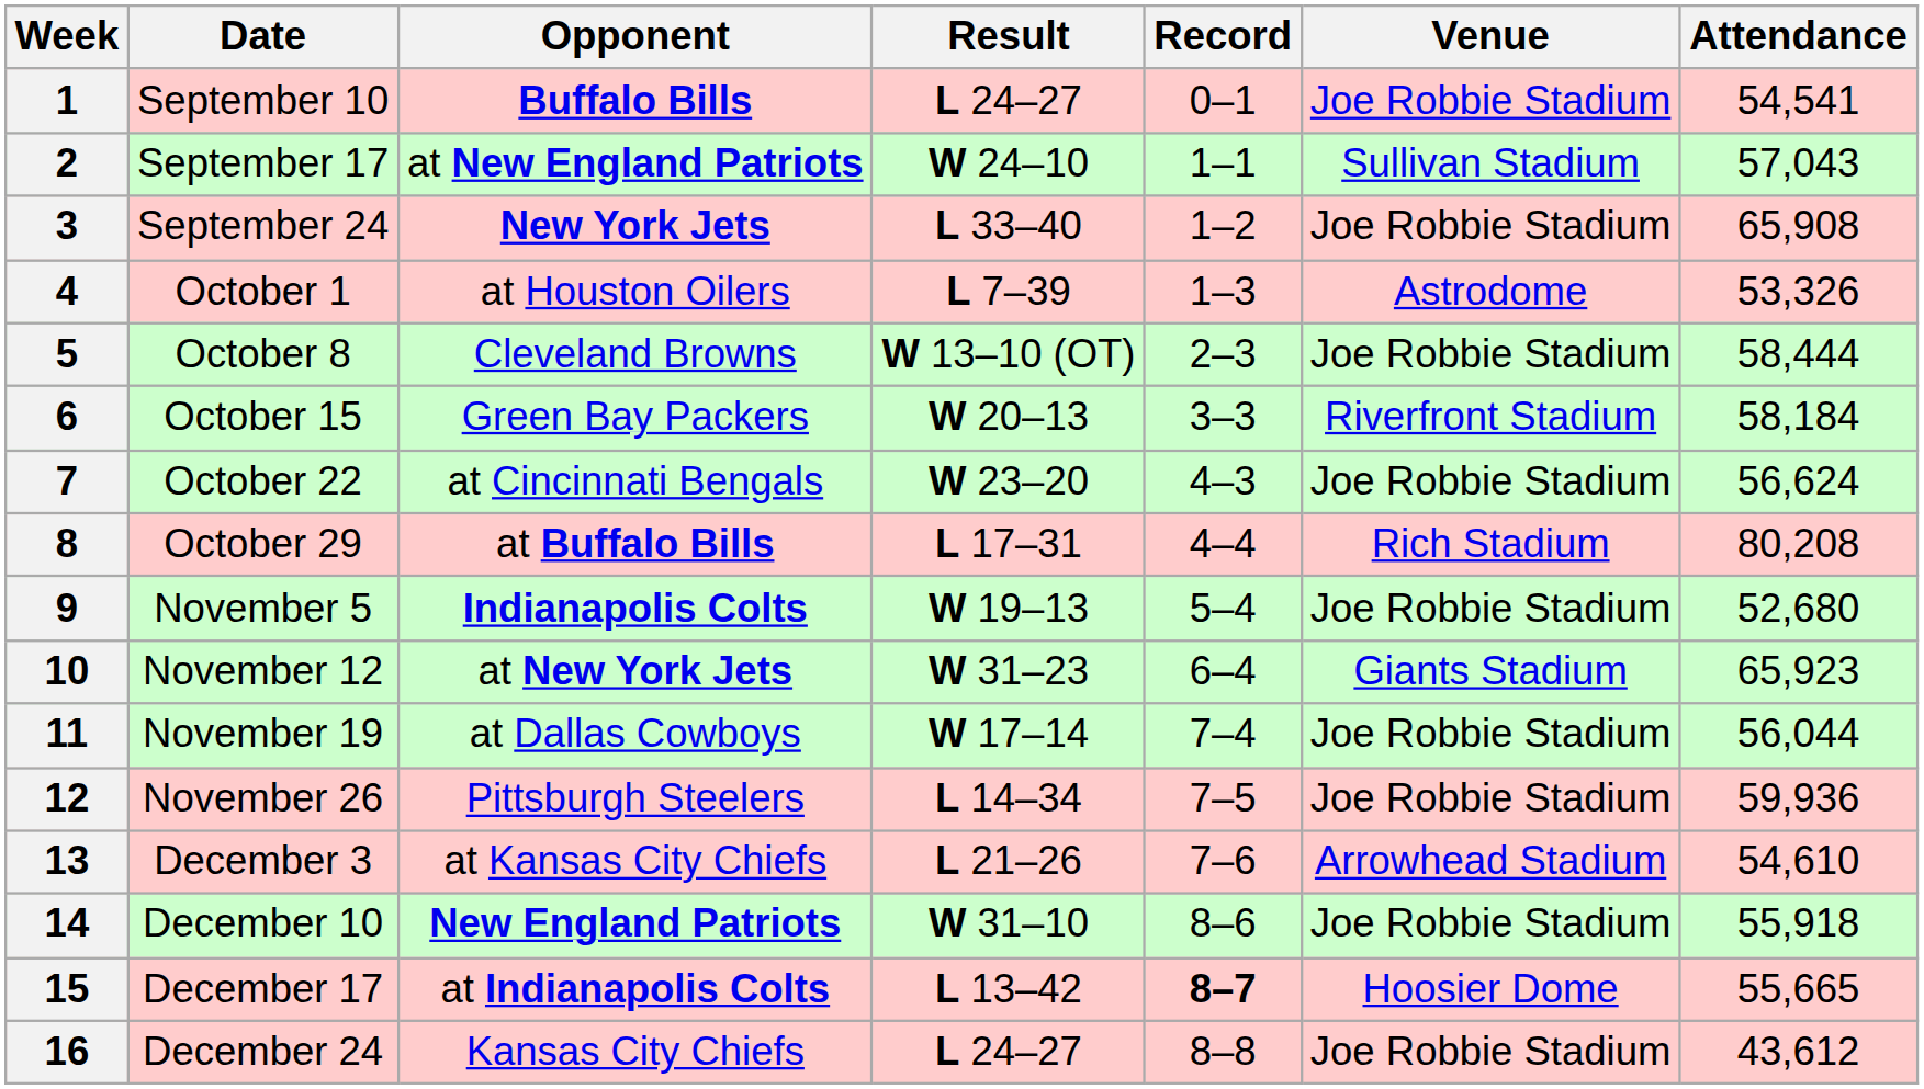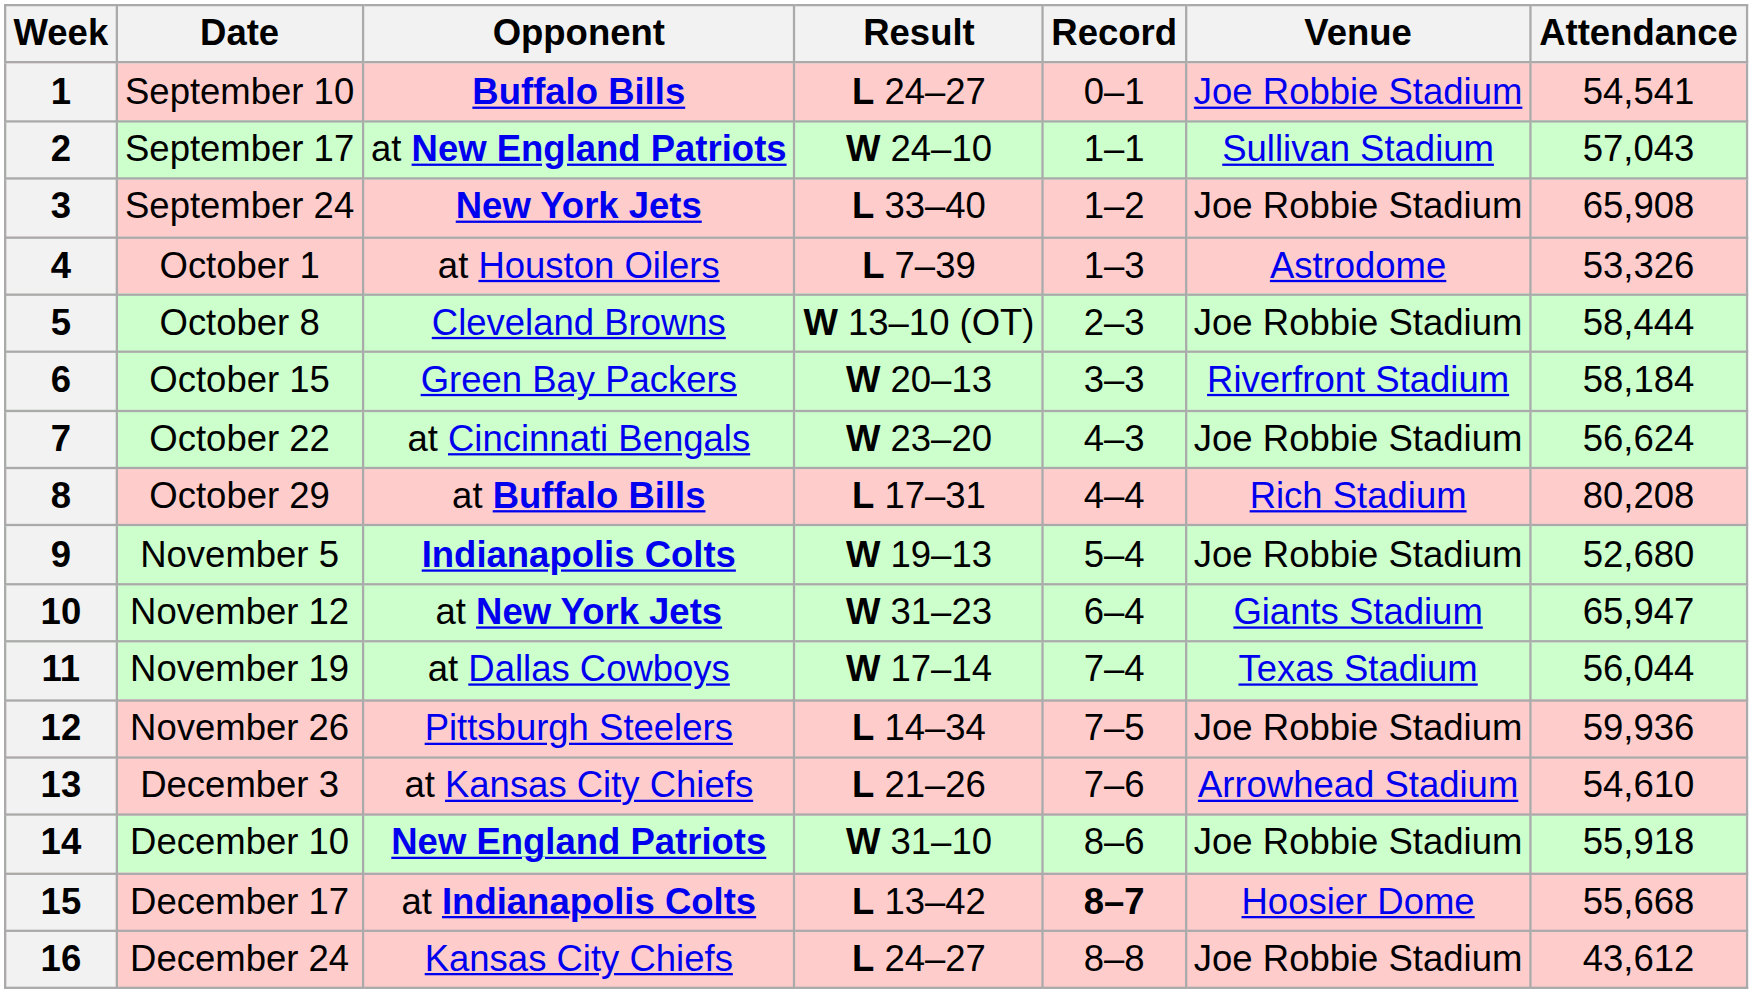 <table class="wikitable" style="text-align:center">
 <tr>
 <th>Week</th>
 <th>Date</th>
 <th>Opponent</th>
 <th>Result</th>
 <th>Record</th>
 <th>Venue</th>
 <th>Attendance</th>
 </tr>
 <tr style="background:#fcc">
 <th>1</th>
 <td>September 10</td>
 <td><strong><a href='#'>Buffalo Bills</a></strong></td>
 <td><strong>L</strong> 24–27</td>
 <td>0–1</td>
 <td><a href='#'>Joe Robbie Stadium</a></td>
 <td>54,541</td>
 </tr>
 <tr style="background:#cfc">
 <th>2</th>
 <td>September 17</td>
 <td>at <strong><a href='#'>New England Patriots</a></strong></td>
 <td><strong>W</strong> 24–10</td>
 <td>1–1</td>
 <td><a href='#'>Sullivan Stadium</a></td>
 <td>57,043</td>
 </tr>
 <tr style="background:#fcc">
 <th>3</th>
 <td>September 24</td>
 <td><strong><a href='#'>New York Jets</a></strong></td>
 <td><strong>L</strong> 33–40</td>
 <td>1–2</td>
 <td>Joe Robbie Stadium</td>
 <td>65,908</td>
 </tr>
 <tr style="background:#fcc">
 <th>4</th>
 <td>October 1</td>
 <td>at <a href='#'>Houston Oilers</a></td>
 <td><strong>L</strong> 7–39</td>
 <td>1–3</td>
 <td><a href='#'>Astrodome</a></td>
 <td>53,326</td>
 </tr>
 <tr style="background:#cfc">
 <th>5</th>
 <td>October 8</td>
 <td><a href='#'>Cleveland Browns</a></td>
 <td><strong>W</strong> 13–10 (OT)</td>
 <td>2–3</td>
 <td>Joe Robbie Stadium</td>
 <td>58,444</td>
 </tr>
 <tr style="background:#cfc">
 <th>6</th>
 <td>October 15</td>
 <td><a href='#'>Green Bay Packers</a></td>
 <td><strong>W</strong> 20–13</td>
 <td>3–3</td>
 <td><a href='#'>Riverfront Stadium</a></td>
 <td>58,184</td>
 </tr>
 <tr style="background:#cfc">
 <th>7</th>
 <td>October 22</td>
 <td>at <a href='#'>Cincinnati Bengals</a></td>
 <td><strong>W</strong> 23–20</td>
 <td>4–3</td>
 <td>Joe Robbie Stadium</td>
 <td>56,624</td>
 </tr>
 <tr style="background:#fcc">
 <th>8</th>
 <td>October 29</td>
 <td>at <strong><a href='#'>Buffalo Bills</a></strong></td>
 <td><strong>L</strong> 17–31</td>
 <td>4–4</td>
 <td><a href='#'>Rich Stadium</a></td>
 <td>80,208</td>
 </tr>
 <tr style="background:#cfc">
 <th>9</th>
 <td>November 5</td>
 <td><strong><a href='#'>Indianapolis Colts</a></strong></td>
 <td><strong>W</strong> 19–13</td>
 <td>5–4</td>
 <td>Joe Robbie Stadium</td>
 <td>52,680</td>
 </tr>
 <tr style="background:#cfc">
 <th>10</th>
 <td>November 12</td>
 <td>at <strong><a href='#'>New York Jets</a></strong></td>
 <td><strong>W</strong> 31–23</td>
 <td>6–4</td>
 <td><a href='#'>Giants Stadium</a></td>
-<td>65,923</td>
+<td>65,947</td>
 </tr>
 <tr style="background:#cfc">
 <th>11</th>
 <td>November 19</td>
 <td>at <a href='#'>Dallas Cowboys</a></td>
 <td><strong>W</strong> 17–14</td>
 <td>7–4</td>
-<td>Joe Robbie Stadium</td>
+<td><a href='#'>Texas Stadium</a></td>
 <td>56,044</td>
 </tr>
 <tr style="background:#fcc">
 <th>12</th>
 <td>November 26</td>
 <td><a href='#'>Pittsburgh Steelers</a></td>
 <td><strong>L</strong> 14–34</td>
 <td>7–5</td>
 <td>Joe Robbie Stadium</td>
 <td>59,936</td>
 </tr>
 <tr style="background:#fcc">
 <th>13</th>
 <td>December 3</td>
 <td>at <a href='#'>Kansas City Chiefs</a></td>
 <td><strong>L</strong> 21–26</td>
 <td>7–6</td>
 <td><a href='#'>Arrowhead Stadium</a></td>
 <td>54,610</td>
 </tr>
 <tr style="background:#cfc">
 <th>14</th>
 <td>December 10</td>
 <td><strong><a href='#'>New England Patriots</a></strong></td>
 <td><strong>W</strong> 31–10</td>
 <td>8–6</td>
 <td>Joe Robbie Stadium</td>
 <td>55,918</td>
 </tr>
 <tr style="background:#fcc">
 <th>15</th>
 <td>December 17</td>
 <td>at <strong><a href='#'>Indianapolis Colts</a></strong></td>
 <td><strong>L</strong> 13–42</td>
 <td><strong>8–7</strong></td>
 <td><a href='#'>Hoosier Dome</a></td>
-<td>55,665</td>
+<td>55,668</td>
 </tr>
 <tr style="background:#fcc">
 <th>16</th>
 <td>December 24</td>
 <td><a href='#'>Kansas City Chiefs</a></td>
 <td><strong>L</strong> 24–27</td>
 <td>8–8</td>
 <td>Joe Robbie Stadium</td>
 <td>43,612</td>
 </tr>
 </table>
